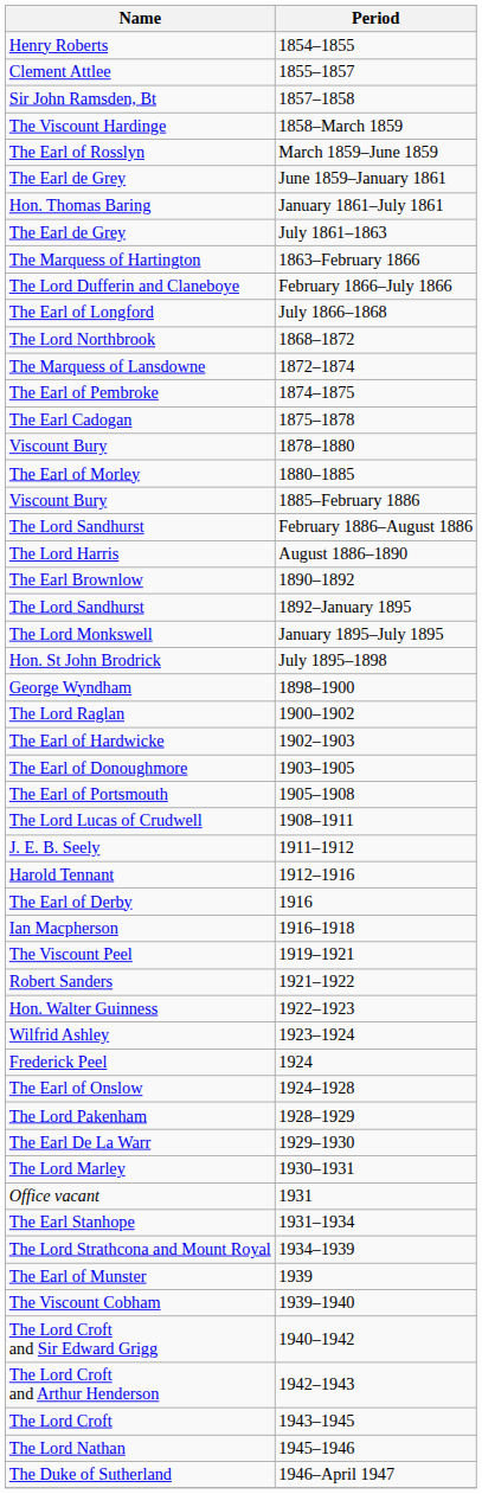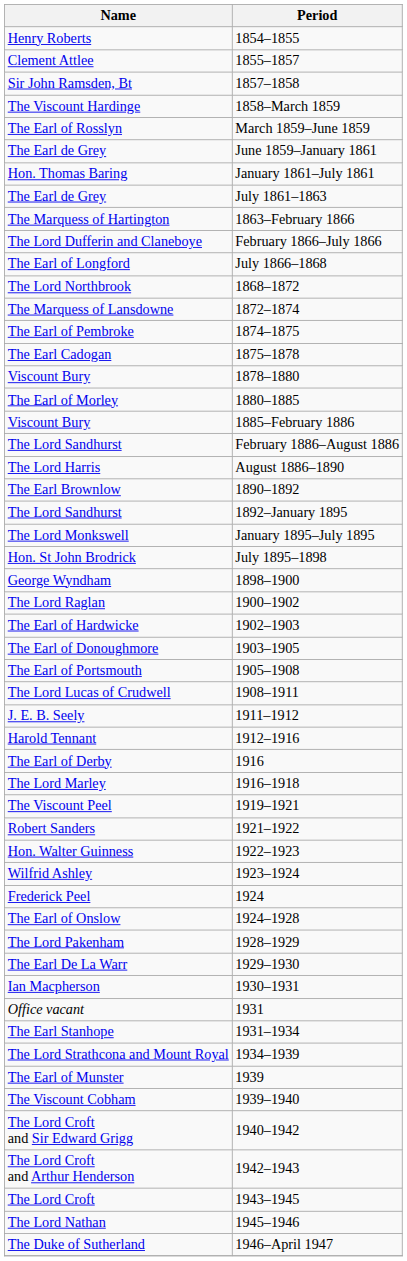 <table class="wikitable" style="text-align:left">
 <tr>
 <th>Name</th>
 <th>Period</th>
 </tr>
 <tr>
 <td><a href='#'>Henry Roberts</a></td>
 <td>1854–1855</td>
 </tr>
 <tr>
 <td><a href='#'>Clement Attlee</a></td>
 <td>1855–1857</td>
 </tr>
 <tr>
 <td><a href='#'>Sir John Ramsden, Bt</a></td>
 <td>1857–1858</td>
 </tr>
 <tr>
 <td><a href='#'>The Viscount Hardinge</a></td>
 <td>1858–March 1859</td>
 </tr>
 <tr>
 <td><a href='#'>The Earl of Rosslyn</a></td>
 <td>March 1859–June 1859</td>
 </tr>
 <tr>
 <td><a href='#'>The Earl de Grey</a></td>
 <td>June 1859–January 1861</td>
 </tr>
 <tr>
 <td><a href='#'>Hon. Thomas Baring</a></td>
 <td>January 1861–July 1861</td>
 </tr>
 <tr>
 <td><a href='#'>The Earl de Grey</a></td>
 <td>July 1861–1863</td>
 </tr>
 <tr>
 <td><a href='#'>The Marquess of Hartington</a></td>
 <td>1863–February 1866</td>
 </tr>
 <tr>
 <td><a href='#'>The Lord Dufferin and Claneboye</a></td>
 <td>February 1866–July 1866</td>
 </tr>
 <tr>
 <td><a href='#'>The Earl of Longford</a></td>
 <td>July 1866–1868</td>
 </tr>
 <tr>
 <td><a href='#'>The Lord Northbrook</a></td>
 <td>1868–1872</td>
 </tr>
 <tr>
 <td><a href='#'>The Marquess of Lansdowne</a></td>
 <td>1872–1874</td>
 </tr>
 <tr>
 <td><a href='#'>The Earl of Pembroke</a></td>
 <td>1874–1875</td>
 </tr>
 <tr>
 <td><a href='#'>The Earl Cadogan</a></td>
 <td>1875–1878</td>
 </tr>
 <tr>
 <td><a href='#'>Viscount Bury</a></td>
 <td>1878–1880</td>
 </tr>
 <tr>
 <td><a href='#'>The Earl of Morley</a></td>
 <td>1880–1885</td>
 </tr>
 <tr>
 <td><a href='#'>Viscount Bury</a></td>
 <td>1885–February 1886</td>
 </tr>
 <tr>
 <td><a href='#'>The Lord Sandhurst</a></td>
 <td>February 1886–August 1886</td>
 </tr>
 <tr>
 <td><a href='#'>The Lord Harris</a></td>
 <td>August 1886–1890</td>
 </tr>
 <tr>
 <td><a href='#'>The Earl Brownlow</a></td>
 <td>1890–1892</td>
 </tr>
 <tr>
 <td><a href='#'>The Lord Sandhurst</a></td>
 <td>1892–January 1895</td>
 </tr>
 <tr>
 <td><a href='#'>The Lord Monkswell</a></td>
 <td>January 1895–July 1895</td>
 </tr>
 <tr>
 <td><a href='#'>Hon. St John Brodrick</a></td>
 <td>July 1895–1898</td>
 </tr>
 <tr>
 <td><a href='#'>George Wyndham</a></td>
 <td>1898–1900</td>
 </tr>
 <tr>
 <td><a href='#'>The Lord Raglan</a></td>
 <td>1900–1902</td>
 </tr>
 <tr>
 <td><a href='#'>The Earl of Hardwicke</a></td>
 <td>1902–1903</td>
 </tr>
 <tr>
 <td><a href='#'>The Earl of Donoughmore</a></td>
 <td>1903–1905</td>
 </tr>
 <tr>
 <td><a href='#'>The Earl of Portsmouth</a></td>
 <td>1905–1908</td>
 </tr>
 <tr>
 <td><a href='#'>The Lord Lucas of Crudwell</a></td>
 <td>1908–1911</td>
 </tr>
 <tr>
 <td><a href='#'>J. E. B. Seely</a></td>
 <td>1911–1912</td>
 </tr>
 <tr>
 <td><a href='#'>Harold Tennant</a></td>
 <td>1912–1916</td>
 </tr>
 <tr>
 <td><a href='#'>The Earl of Derby</a></td>
 <td>1916</td>
 </tr>
 <tr>
-<td><a href='#'>Ian Macpherson</a></td>
+<td><a href='#'>The Lord Marley</a></td>
 <td>1916–1918</td>
 </tr>
 <tr>
 <td><a href='#'>The Viscount Peel</a></td>
 <td>1919–1921</td>
 </tr>
 <tr>
 <td><a href='#'>Robert Sanders</a></td>
 <td>1921–1922</td>
 </tr>
 <tr>
 <td><a href='#'>Hon. Walter Guinness</a></td>
 <td>1922–1923</td>
 </tr>
 <tr>
 <td><a href='#'>Wilfrid Ashley</a></td>
 <td>1923–1924</td>
 </tr>
 <tr>
 <td><a href='#'>Frederick Peel</a></td>
 <td>1924</td>
 </tr>
 <tr>
 <td><a href='#'>The Earl of Onslow</a></td>
 <td>1924–1928</td>
 </tr>
 <tr>
 <td><a href='#'>The Lord Pakenham</a></td>
 <td>1928–1929</td>
 </tr>
 <tr>
 <td><a href='#'>The Earl De La Warr</a></td>
 <td>1929–1930</td>
 </tr>
 <tr>
-<td><a href='#'>The Lord Marley</a></td>
+<td><a href='#'>Ian Macpherson</a></td>
 <td>1930–1931</td>
 </tr>
 <tr>
 <td><em>Office vacant</em></td>
 <td>1931</td>
 </tr>
 <tr>
 <td><a href='#'>The Earl Stanhope</a></td>
 <td>1931–1934</td>
 </tr>
 <tr>
 <td><a href='#'>The Lord Strathcona and Mount Royal</a></td>
 <td>1934–1939</td>
 </tr>
 <tr>
 <td><a href='#'>The Earl of Munster</a></td>
 <td>1939</td>
 </tr>
 <tr>
 <td><a href='#'>The Viscount Cobham</a></td>
 <td>1939–1940</td>
 </tr>
 <tr>
 <td><a href='#'>The Lord Croft</a> <br> and <a href='#'>Sir Edward Grigg</a></td>
 <td>1940–1942</td>
 </tr>
 <tr>
 <td><a href='#'>The Lord Croft</a> <br> and <a href='#'>Arthur Henderson</a></td>
 <td>1942–1943</td>
 </tr>
 <tr>
 <td><a href='#'>The Lord Croft</a></td>
 <td>1943–1945</td>
 </tr>
 <tr>
 <td><a href='#'>The Lord Nathan</a></td>
 <td>1945–1946</td>
 </tr>
 <tr>
 <td><a href='#'>The Duke of Sutherland</a></td>
 <td>1946–April 1947</td>
 </tr>
 <tr>
 </tr>
 </table>
